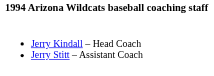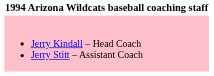 <table class="toccolours">
 <tr>
 <th colspan="9">1994 Arizona Wildcats baseball coaching staff</th>
 </tr>
 <tr>
-<td style="text-align: left; font-size: 95%;" valign="top"><br><ul><li><a href='#'>Jerry Kindall</a> – Head Coach</li><li><a href='#'>Jerry Stitt</a> – Assistant Coach</li></ul></td>
+<td style="background: pink; text-align: left; font-size: 95%;" valign="top"><br><ul><li><a href='#'>Jerry Kindall</a> – Head Coach</li><li><a href='#'>Jerry Stitt</a> – Assistant Coach</li></ul></td>
 </tr>
 </table>
